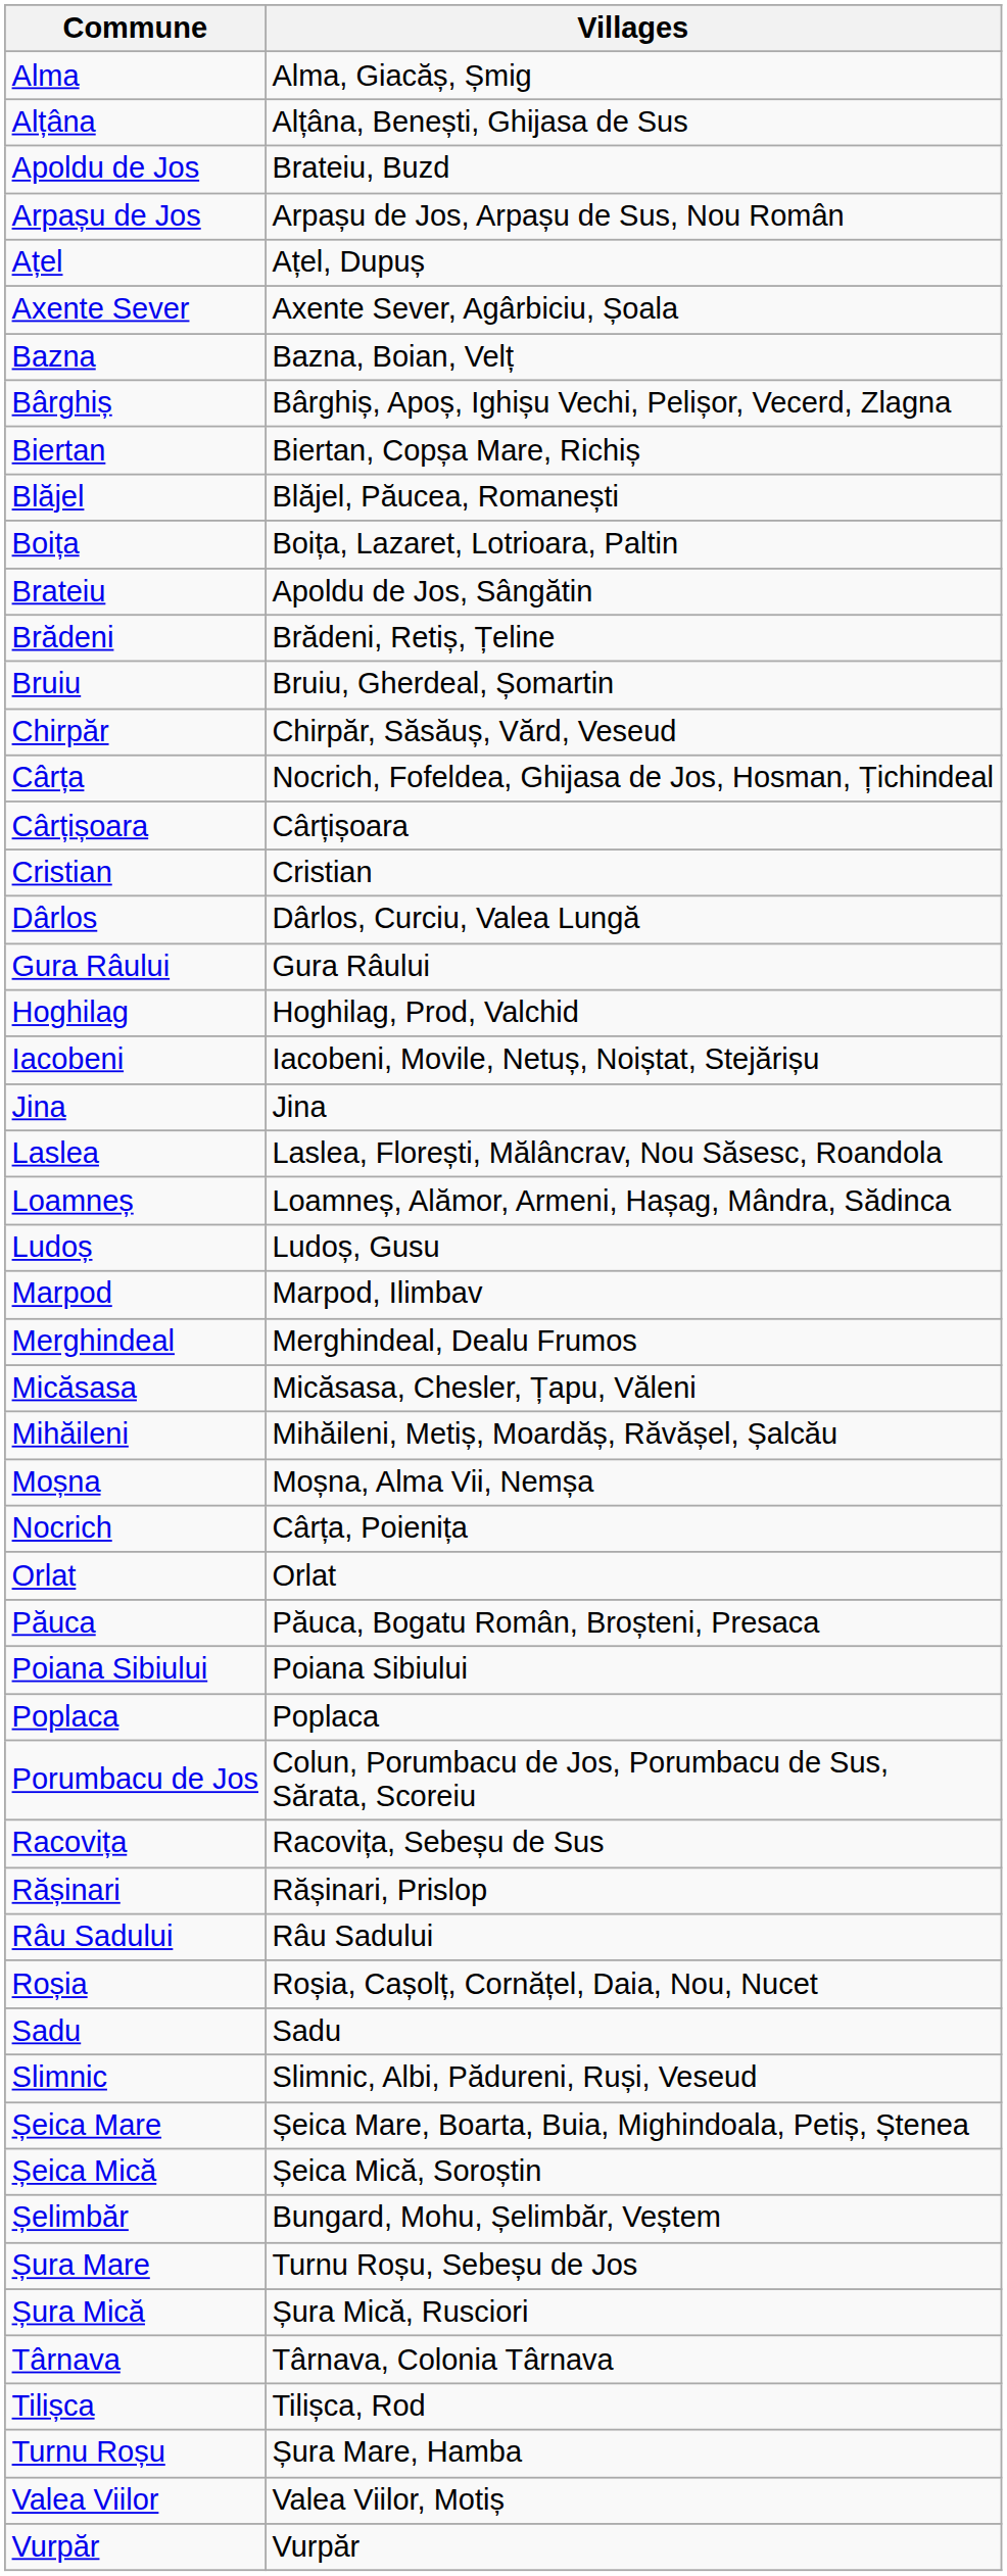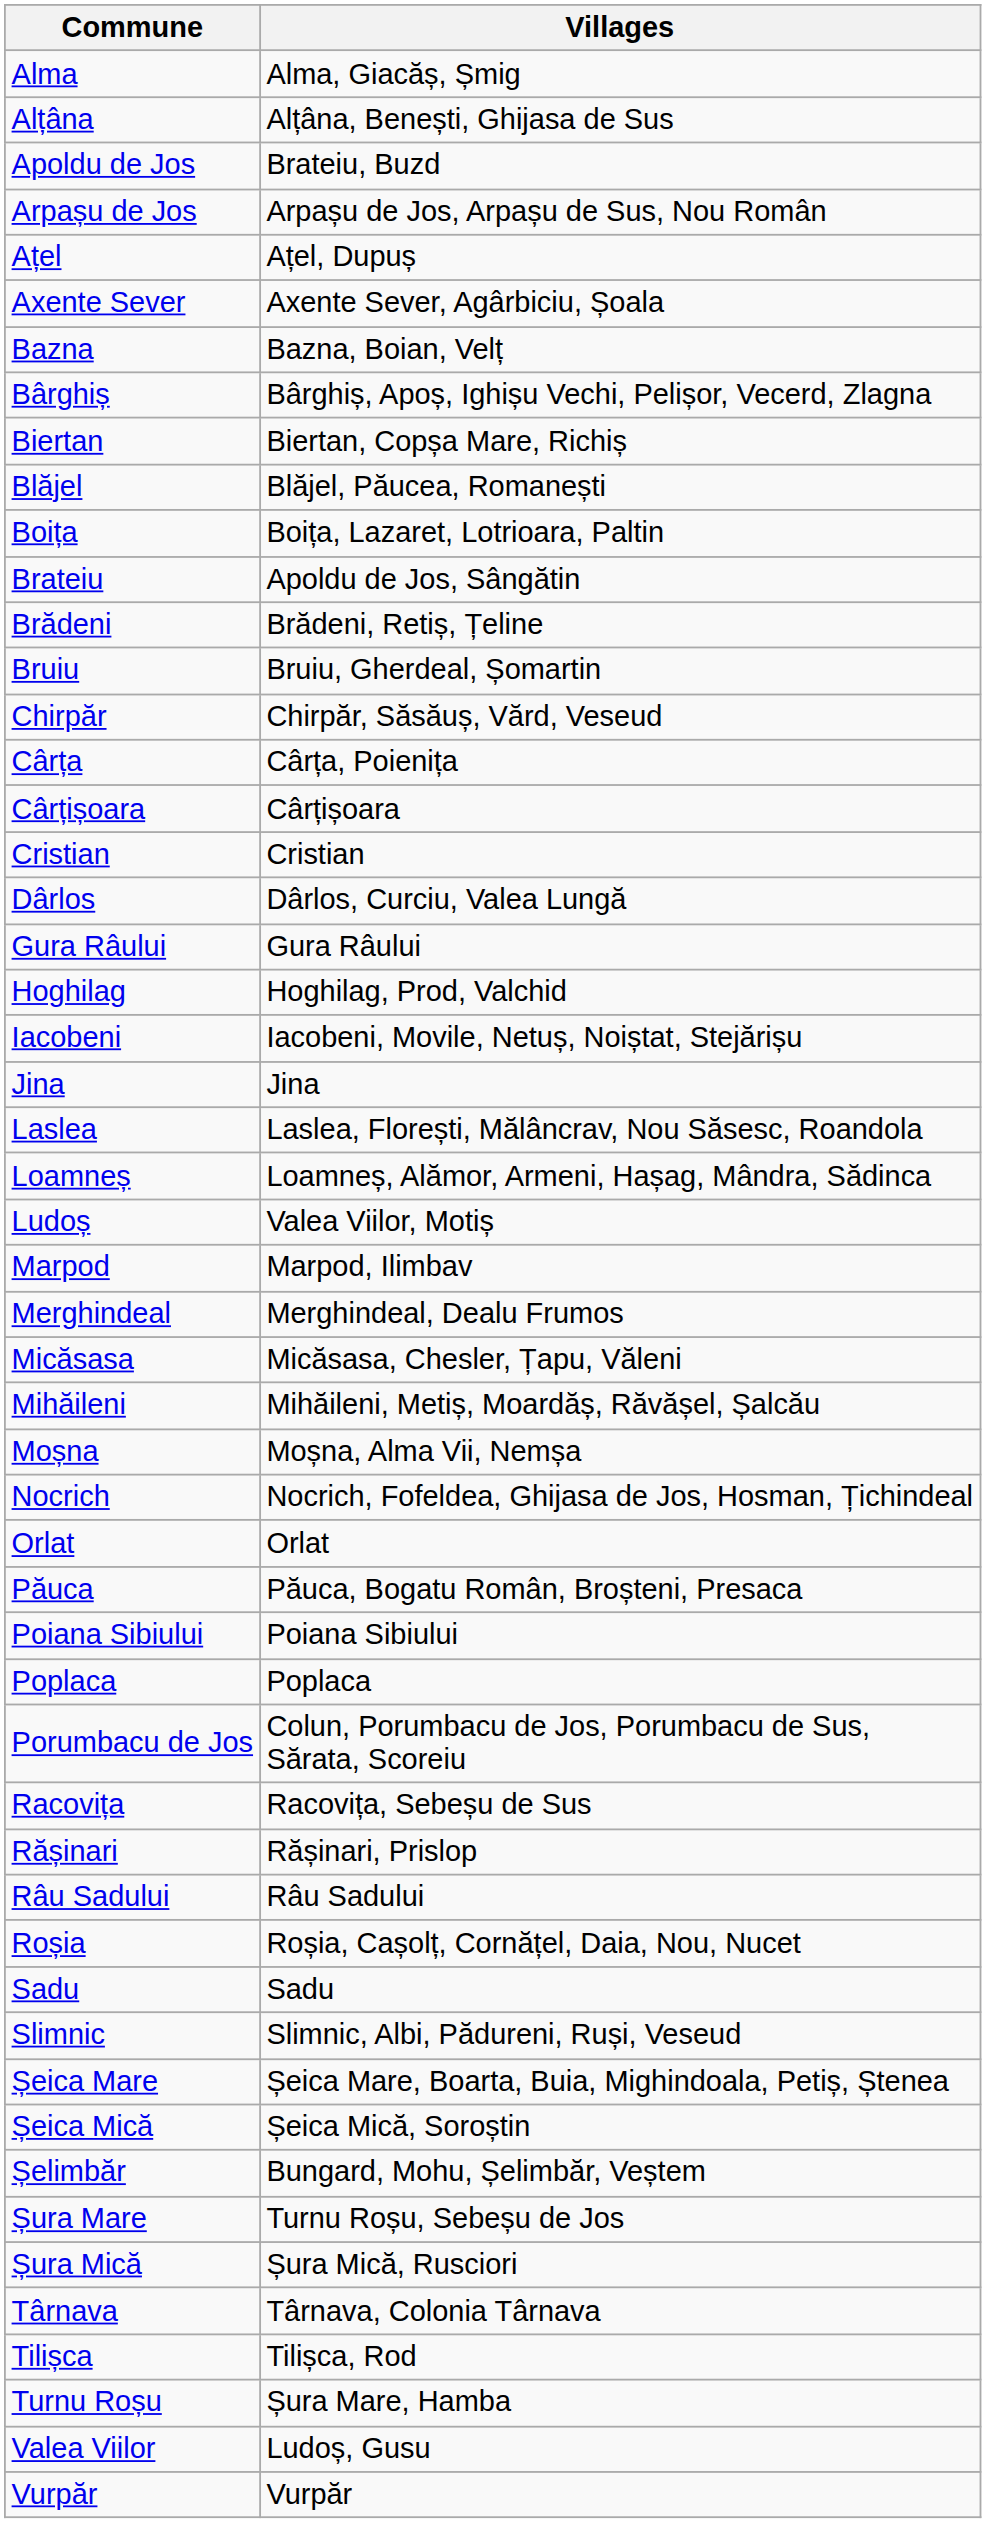 <table class="wikitable">
 <tr>
 <th colspan=1>Commune</th>
 <th colspan=3>Villages</th>
 </tr>
 <tr>
 <td><a href='#'>Alma</a></td>
 <td>Alma, Giacăș, Șmig</td>
 </tr>
 <tr>
 <td><a href='#'>Alțâna</a></td>
 <td>Alțâna, Benești, Ghijasa de Sus</td>
 </tr>
 <tr>
 <td><a href='#'>Apoldu de Jos</a></td>
 <td>Brateiu, Buzd</td>
 </tr>
 <tr>
 <td><a href='#'>Arpașu de Jos</a></td>
 <td>Arpașu de Jos, Arpașu de Sus, Nou Român</td>
 </tr>
 <tr>
 <td><a href='#'>Ațel</a></td>
 <td>Ațel, Dupuș</td>
 </tr>
 <tr>
 <td><a href='#'>Axente Sever</a></td>
 <td>Axente Sever, Agârbiciu, Șoala</td>
 </tr>
 <tr>
 <td><a href='#'>Bazna</a></td>
 <td>Bazna, Boian, Velț</td>
 </tr>
 <tr>
 <td><a href='#'>Bârghiș</a></td>
 <td>Bârghiș, Apoș, Ighișu Vechi, Pelișor, Vecerd, Zlagna</td>
 </tr>
 <tr>
 <td><a href='#'>Biertan</a></td>
 <td>Biertan, Copșa Mare, Richiș</td>
 </tr>
 <tr>
 <td><a href='#'>Blăjel</a></td>
 <td>Blăjel, Păucea, Romanești</td>
 </tr>
 <tr>
 <td><a href='#'>Boița</a></td>
 <td>Boița, Lazaret, Lotrioara, Paltin</td>
 </tr>
 <tr>
 <td><a href='#'>Brateiu</a></td>
 <td>Apoldu de Jos, Sângătin</td>
 </tr>
 <tr>
 <td><a href='#'>Brădeni</a></td>
 <td>Brădeni, Retiș, Țeline</td>
 </tr>
 <tr>
 <td><a href='#'>Bruiu</a></td>
 <td>Bruiu, Gherdeal, Șomartin</td>
 </tr>
 <tr>
 <td><a href='#'>Chirpăr</a></td>
 <td>Chirpăr, Săsăuș, Vărd, Veseud</td>
 </tr>
 <tr>
 <td><a href='#'>Cârța</a></td>
-<td>Nocrich, Fofeldea, Ghijasa de Jos, Hosman, Țichindeal</td>
+<td>Cârța, Poienița</td>
 </tr>
 <tr>
 <td><a href='#'>Cârțișoara</a></td>
 <td>Cârțișoara</td>
 </tr>
 <tr>
 <td><a href='#'>Cristian</a></td>
 <td>Cristian</td>
 </tr>
 <tr>
 <td><a href='#'>Dârlos</a></td>
 <td>Dârlos, Curciu, Valea Lungă</td>
 </tr>
 <tr>
 <td><a href='#'>Gura Râului</a></td>
 <td>Gura Râului</td>
 </tr>
 <tr>
 <td><a href='#'>Hoghilag</a></td>
 <td>Hoghilag, Prod, Valchid</td>
 </tr>
 <tr>
 <td><a href='#'>Iacobeni</a></td>
 <td>Iacobeni, Movile, Netuș, Noiștat, Stejărișu</td>
 </tr>
 <tr>
 <td><a href='#'>Jina</a></td>
 <td>Jina</td>
 </tr>
 <tr>
 <td><a href='#'>Laslea</a></td>
 <td>Laslea, Florești, Mălâncrav, Nou Săsesc, Roandola</td>
 </tr>
 <tr>
 <td><a href='#'>Loamneș</a></td>
 <td>Loamneș, Alămor, Armeni, Hașag, Mândra, Sădinca</td>
 </tr>
 <tr>
 <td><a href='#'>Ludoș</a></td>
-<td>Ludoș, Gusu</td>
+<td>Valea Viilor, Motiș</td>
 </tr>
 <tr>
 <td><a href='#'>Marpod</a></td>
 <td>Marpod, Ilimbav</td>
 </tr>
 <tr>
 <td><a href='#'>Merghindeal</a></td>
 <td>Merghindeal, Dealu Frumos</td>
 </tr>
 <tr>
 <td><a href='#'>Micăsasa</a></td>
 <td>Micăsasa, Chesler, Țapu, Văleni</td>
 </tr>
 <tr>
 <td><a href='#'>Mihăileni</a></td>
 <td>Mihăileni, Metiș, Moardăș, Răvășel, Șalcău</td>
 </tr>
 <tr>
 <td><a href='#'>Moșna</a></td>
 <td>Moșna, Alma Vii, Nemșa</td>
 </tr>
 <tr>
 <td><a href='#'>Nocrich</a></td>
-<td>Cârța, Poienița</td>
+<td>Nocrich, Fofeldea, Ghijasa de Jos, Hosman, Țichindeal</td>
 </tr>
 <tr>
 <td><a href='#'>Orlat</a></td>
 <td>Orlat</td>
 </tr>
 <tr>
 <td><a href='#'>Păuca</a></td>
 <td>Păuca, Bogatu Român, Broșteni, Presaca</td>
 </tr>
 <tr>
 <td><a href='#'>Poiana Sibiului</a></td>
 <td>Poiana Sibiului</td>
 </tr>
 <tr>
 <td><a href='#'>Poplaca</a></td>
 <td>Poplaca</td>
 </tr>
 <tr>
 <td><a href='#'>Porumbacu de Jos</a></td>
 <td>Colun, Porumbacu de Jos, Porumbacu de Sus,<br>Sărata, Scoreiu</td>
 </tr>
 <tr>
 <td><a href='#'>Racovița</a></td>
 <td>Racovița, Sebeșu de Sus</td>
 </tr>
 <tr>
 <td><a href='#'>Rășinari</a></td>
 <td>Rășinari, Prislop</td>
 </tr>
 <tr>
 <td><a href='#'>Râu Sadului</a></td>
 <td>Râu Sadului</td>
 </tr>
 <tr>
 <td><a href='#'>Roșia</a></td>
 <td>Roșia, Cașolț, Cornățel, Daia, Nou, Nucet</td>
 </tr>
 <tr>
 <td><a href='#'>Sadu</a></td>
 <td>Sadu</td>
 </tr>
 <tr>
 <td><a href='#'>Slimnic</a></td>
 <td>Slimnic, Albi, Pădureni, Ruși, Veseud</td>
 </tr>
 <tr>
 <td><a href='#'>Șeica Mare</a></td>
 <td>Șeica Mare, Boarta, Buia, Mighindoala, Petiș, Ștenea</td>
 </tr>
 <tr>
 <td><a href='#'>Șeica Mică</a></td>
 <td>Șeica Mică, Soroștin</td>
 </tr>
 <tr>
 <td><a href='#'>Șelimbăr</a></td>
 <td>Bungard, Mohu, Șelimbăr, Veștem</td>
 </tr>
 <tr>
 <td><a href='#'>Șura Mare</a></td>
 <td>Turnu Roșu, Sebeșu de Jos</td>
 </tr>
 <tr>
 <td><a href='#'>Șura Mică</a></td>
 <td>Șura Mică, Rusciori</td>
 </tr>
 <tr>
 <td><a href='#'>Târnava</a></td>
 <td>Târnava, Colonia Târnava</td>
 </tr>
 <tr>
 <td><a href='#'>Tilișca</a></td>
 <td>Tilișca, Rod</td>
 </tr>
 <tr>
 <td><a href='#'>Turnu Roșu</a></td>
 <td>Șura Mare, Hamba</td>
 </tr>
 <tr>
 <td><a href='#'>Valea Viilor</a></td>
-<td>Valea Viilor, Motiș</td>
+<td>Ludoș, Gusu</td>
 </tr>
 <tr>
 <td><a href='#'>Vurpăr</a></td>
 <td>Vurpăr</td>
 </tr>
 </table>
